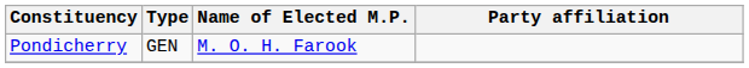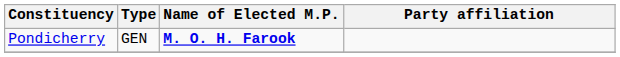 <table class="wikitable" style="font-size:95%;">
 <tr>
 <th>Constituency</th>
 <th>Type</th>
 <th>Name of Elected M.P.</th>
 <th colspan="2" style="width:18em">Party affiliation</th>
 </tr>
 <tr>
 <td><a href='#'>Pondicherry</a></td>
 <td>GEN</td>
-<td><a href='#'>M. O. H. Farook</a></td>
+<td><strong><a href='#'>M. O. H. Farook</a></strong></td>
 <td></td>
 </tr>
 <tr>
 </tr>
 </table>
